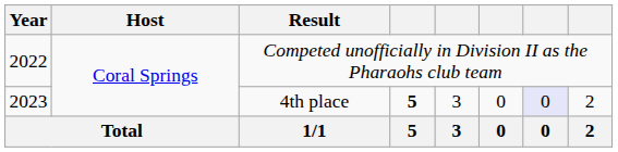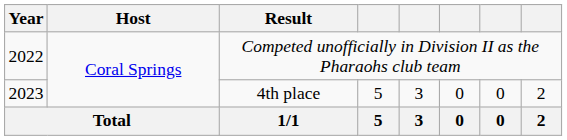 <table class="wikitable" style="text-align:center">
 <tr>
 <th width=30>Year</th>
 <th width=150>Host</th>
 <th width=120>Result</th>
 <th width=30></th>
 <th width=30></th>
 <th width=30></th>
 <th width=30></th>
 <th width=30></th>
 </tr>
 <tr>
 <td>2022</td>
 <td rowspan=2> <a href='#'>Coral Springs</a></td>
 <td colspan=6><em>Competed unofficially in Division II as the Pharaohs club team</em></td>
 </tr>
 <tr>
 <td>2023</td>
 <td>4th place<br></td>
-<td><strong>5</strong></td>
+<td>5</td>
 <td>3</td>
 <td>0</td>
-<td style="background: lavender;">0</td>
+<td>0</td>
 <td>2</td>
 </tr>
 <tr>
 <th colspan=2>Total</th>
 <th>1/1</th>
 <th>5</th>
 <th>3</th>
 <th>0</th>
 <th>0</th>
 <th>2</th>
 </tr>
 </table>
